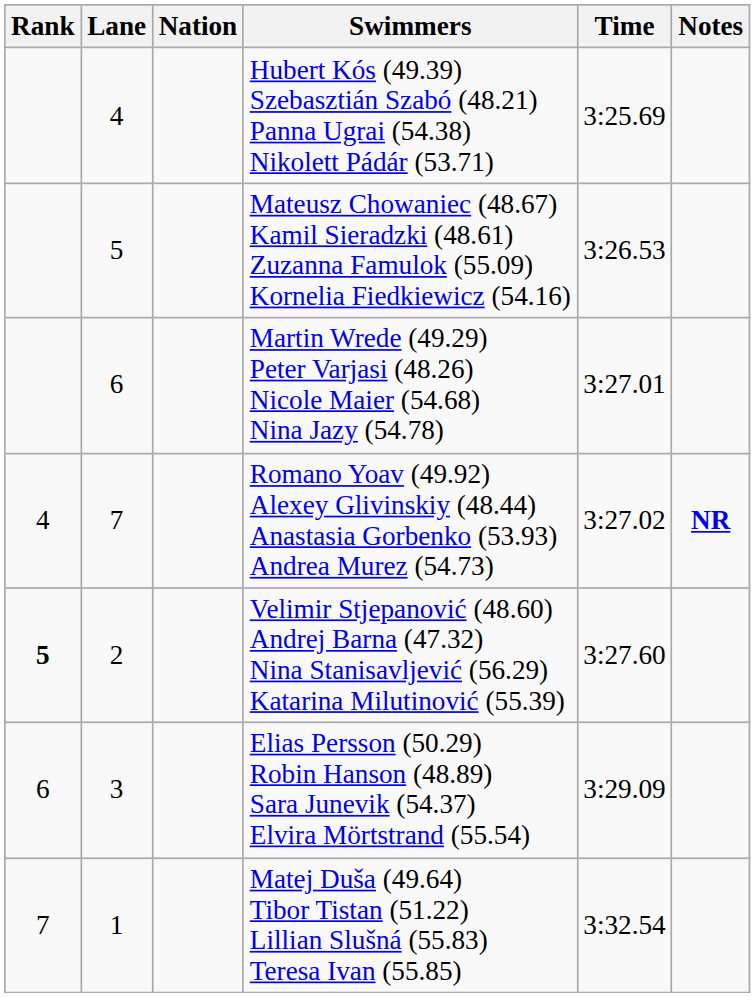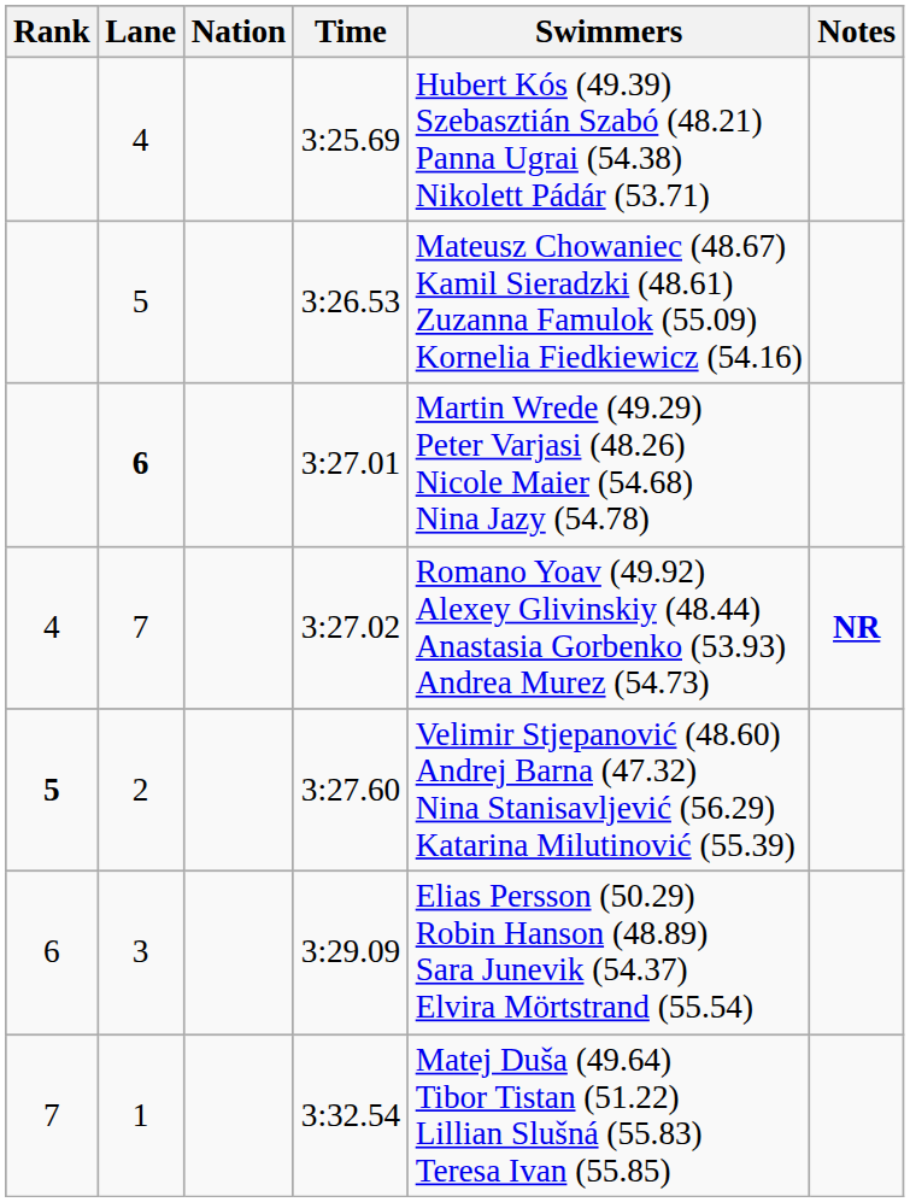 <table class="wikitable sortable" style="text-align:center">
 <tr>
 <th>Rank</th>
 <th>Lane</th>
 <th>Nation</th>
+<th>Time</th>
 <th>Swimmers</th>
-<th>Time</th>
 <th>Notes</th>
 </tr>
 <tr>
 <td></td>
 <td>4</td>
 <td align=left></td>
+<td>3:25.69</td>
 <td align=left><a href='#'>Hubert Kós</a> (49.39)<br><a href='#'>Szebasztián Szabó</a> (48.21)<br><a href='#'>Panna Ugrai</a> (54.38)<br><a href='#'>Nikolett Pádár</a> (53.71)</td>
-<td>3:25.69</td>
 <td></td>
 </tr>
 <tr>
 <td></td>
 <td>5</td>
 <td align=left></td>
+<td>3:26.53</td>
 <td align=left><a href='#'>Mateusz Chowaniec</a> (48.67)<br><a href='#'>Kamil Sieradzki</a> (48.61)<br><a href='#'>Zuzanna Famulok</a> (55.09)<br><a href='#'>Kornelia Fiedkiewicz</a> (54.16)</td>
-<td>3:26.53</td>
 <td></td>
 </tr>
 <tr>
 <td></td>
-<td>6</td>
+<td><strong>6</strong></td>
 <td align=left></td>
+<td>3:27.01</td>
 <td align=left><a href='#'>Martin Wrede</a> (49.29)<br><a href='#'>Peter Varjasi</a> (48.26)<br><a href='#'>Nicole Maier</a> (54.68)<br><a href='#'>Nina Jazy</a> (54.78)</td>
-<td>3:27.01</td>
 <td></td>
 </tr>
 <tr>
 <td>4</td>
 <td>7</td>
 <td align=left></td>
+<td>3:27.02</td>
 <td align=left><a href='#'>Romano Yoav</a> (49.92)<br><a href='#'>Alexey Glivinskiy</a> (48.44)<br><a href='#'>Anastasia Gorbenko</a> (53.93)<br><a href='#'>Andrea Murez</a> (54.73)</td>
-<td>3:27.02</td>
 <td><strong><a href='#'>NR</a></strong></td>
 </tr>
 <tr>
 <td><strong>5</strong></td>
 <td>2</td>
 <td align=left></td>
+<td>3:27.60</td>
 <td align=left><a href='#'>Velimir Stjepanović</a> (48.60)<br><a href='#'>Andrej Barna</a> (47.32)<br><a href='#'>Nina Stanisavljević</a> (56.29)<br><a href='#'>Katarina Milutinović</a> (55.39)</td>
-<td>3:27.60</td>
 <td></td>
 </tr>
 <tr>
 <td>6</td>
 <td>3</td>
 <td align=left></td>
+<td>3:29.09</td>
 <td align=left><a href='#'>Elias Persson</a> (50.29)<br><a href='#'>Robin Hanson</a> (48.89)<br><a href='#'>Sara Junevik</a> (54.37)<br><a href='#'>Elvira Mörtstrand</a> (55.54)</td>
-<td>3:29.09</td>
 <td></td>
 </tr>
 <tr>
 <td>7</td>
 <td>1</td>
 <td align=left></td>
+<td>3:32.54</td>
 <td align=left><a href='#'>Matej Duša</a> (49.64)<br><a href='#'>Tibor Tistan</a> (51.22)<br><a href='#'>Lillian Slušná</a> (55.83)<br><a href='#'>Teresa Ivan</a> (55.85)</td>
-<td>3:32.54</td>
 <td></td>
 </tr>
 </table>
